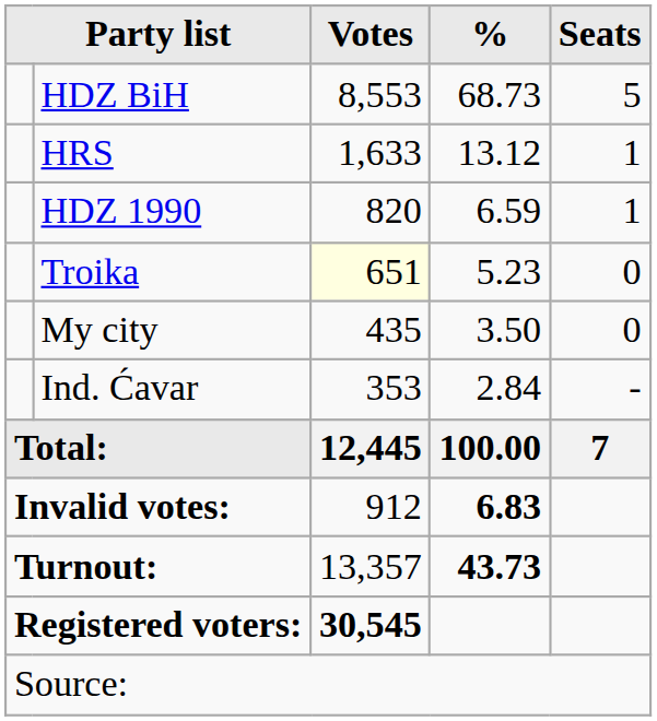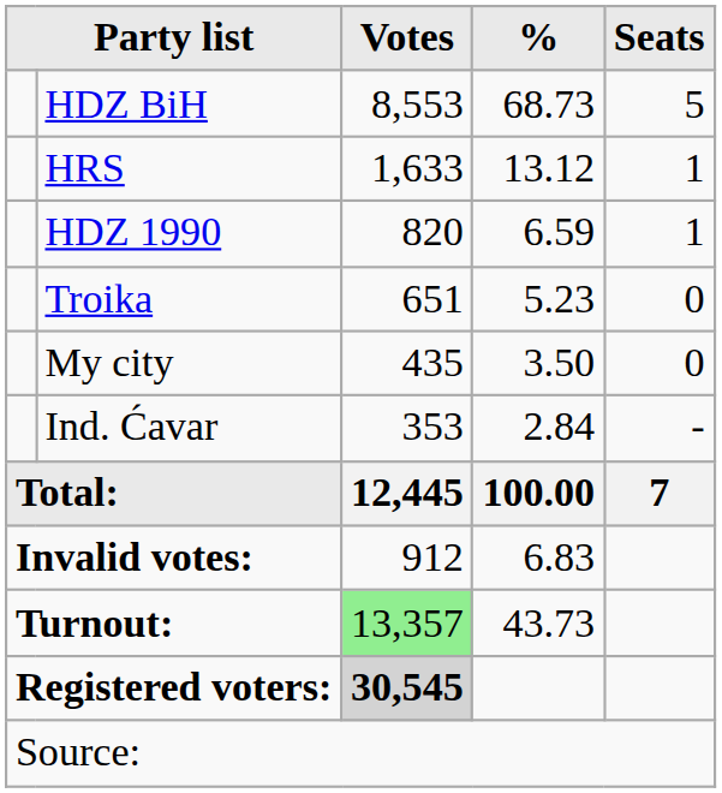 <table class="wikitable" border="1">
 <tr>
 <th colspan="2" align="center" style="background-color:#E9E9E9">Party list</th>
 <th align="center" style="background-color:#E9E9E9">Votes</th>
 <th align="center" style="background-color:#E9E9E9">%</th>
 <th align="center" style="background-color:#E9E9E9">Seats</th>
 </tr>
 <tr>
 <td></td>
 <td align="left"><a href='#'>HDZ BiH</a></td>
 <td align="right">8,553</td>
 <td align="right">68.73</td>
 <td align="right">5</td>
 </tr>
 <tr>
 <td></td>
 <td align="left"><a href='#'>HRS</a></td>
 <td align="right">1,633</td>
 <td align="right">13.12</td>
 <td align="right">1</td>
 </tr>
 <tr>
 <td></td>
 <td align="left"><a href='#'>HDZ 1990</a></td>
 <td align="right">820</td>
 <td align="right">6.59</td>
 <td align="right">1</td>
 </tr>
 <tr>
 <td></td>
 <td align="left"><a href='#'>Troika</a></td>
-<td align="right" style="background: lightyellow;">651</td>
+<td align="right">651</td>
 <td align="right">5.23</td>
 <td align="right">0</td>
 </tr>
 <tr>
 <td></td>
 <td align="left">My city</td>
 <td align="right">435</td>
 <td align="right">3.50</td>
 <td align="right">0</td>
 </tr>
 <tr>
 <td></td>
 <td align="left">Ind. Ćavar</td>
 <td align="right">353</td>
 <td align="right">2.84</td>
 <td align="right">-</td>
 </tr>
 <tr style="background-color:#E9E9E9">
 <td colspan="2" align="left"><strong>Total:</strong></td>
 <th align="right">12,445</th>
 <th align="right">100.00</th>
 <th align="right">7</th>
 </tr>
 <tr>
 <td colspan="2" align="left"><strong>Invalid votes:</strong></td>
 <td align="right">912</td>
-<td align="right"><strong>6.83</strong></td>
+<td align="right">6.83</td>
 <td align="right"></td>
 </tr>
 <tr>
 <td colspan="2" align="left"><strong>Turnout:</strong></td>
-<td align="right">13,357</td>
-<td align="right"><strong>43.73</strong></td>
+<td align="right" style="background: lightgreen;">13,357</td>
+<td align="right">43.73</td>
 <td align="right"></td>
 </tr>
 <tr>
 <td colspan="2" align="left"><strong>Registered voters:</strong></td>
-<td align="right"><strong>30,545</strong></td>
+<td align="right" style="background: lightgrey;"><strong>30,545</strong></td>
 <td align="right"></td>
 <td align="right"></td>
 </tr>
 <tr>
 <td colspan="5" align="left">Source: </td>
 </tr>
 </table>
